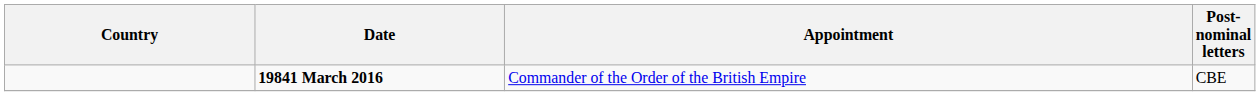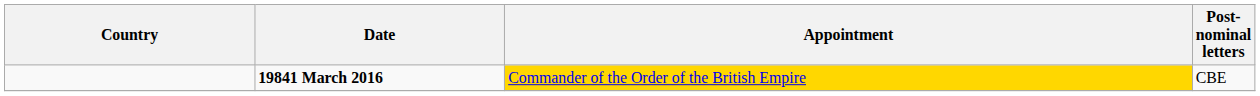 <table class="wikitable" style="width:100%;">
 <tr>
 <th style="width:20%;">Country</th>
 <th style="width:20%;">Date</th>
 <th style="width:55%;">Appointment</th>
 <th style="width:5%;">Post-nominal letters</th>
 </tr>
 <tr>
 <td></td>
 <td><strong>19841 March 2016</strong></td>
-<td><a href='#'>Commander of the Order of the British Empire</a></td>
+<td style="background: gold;"><a href='#'>Commander of the Order of the British Empire</a></td>
 <td>CBE</td>
 </tr>
 <tr>
 </tr>
 </table>
